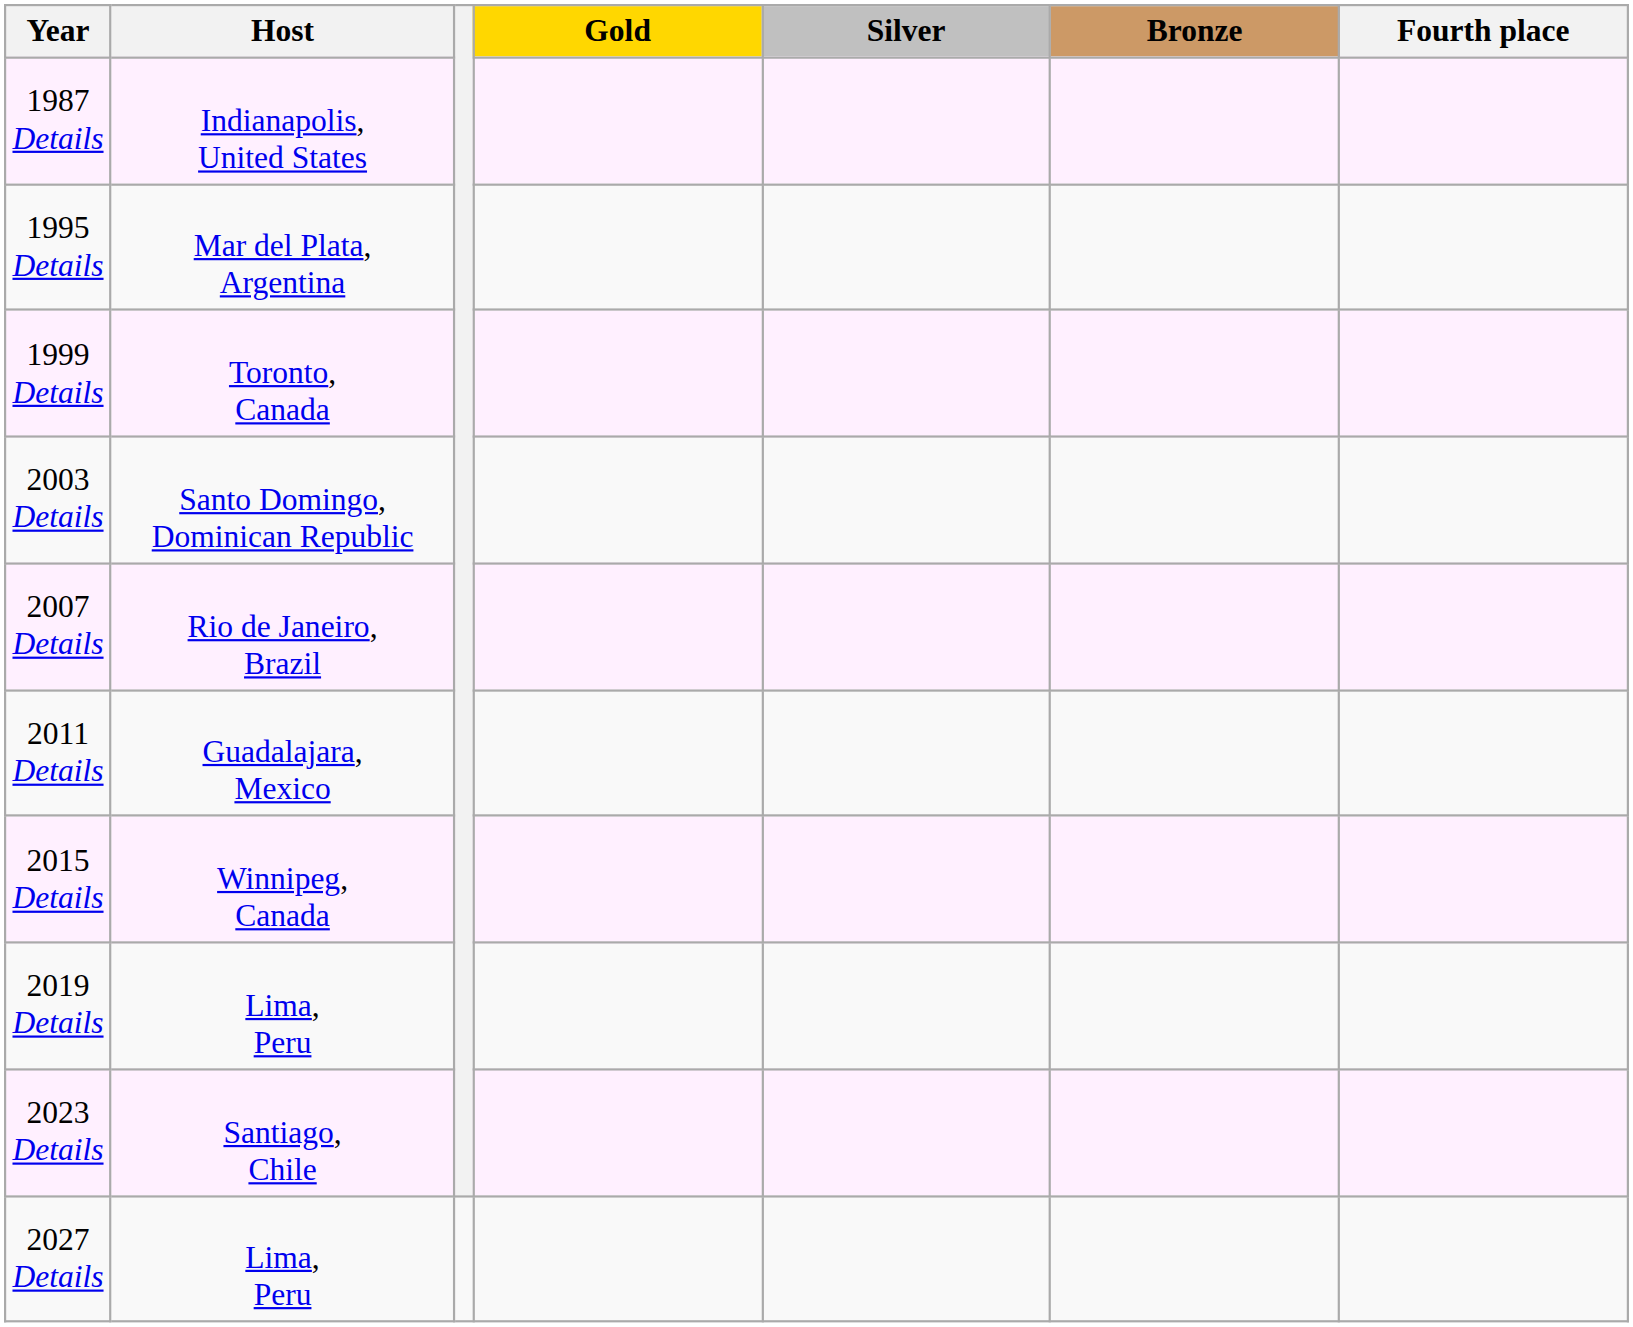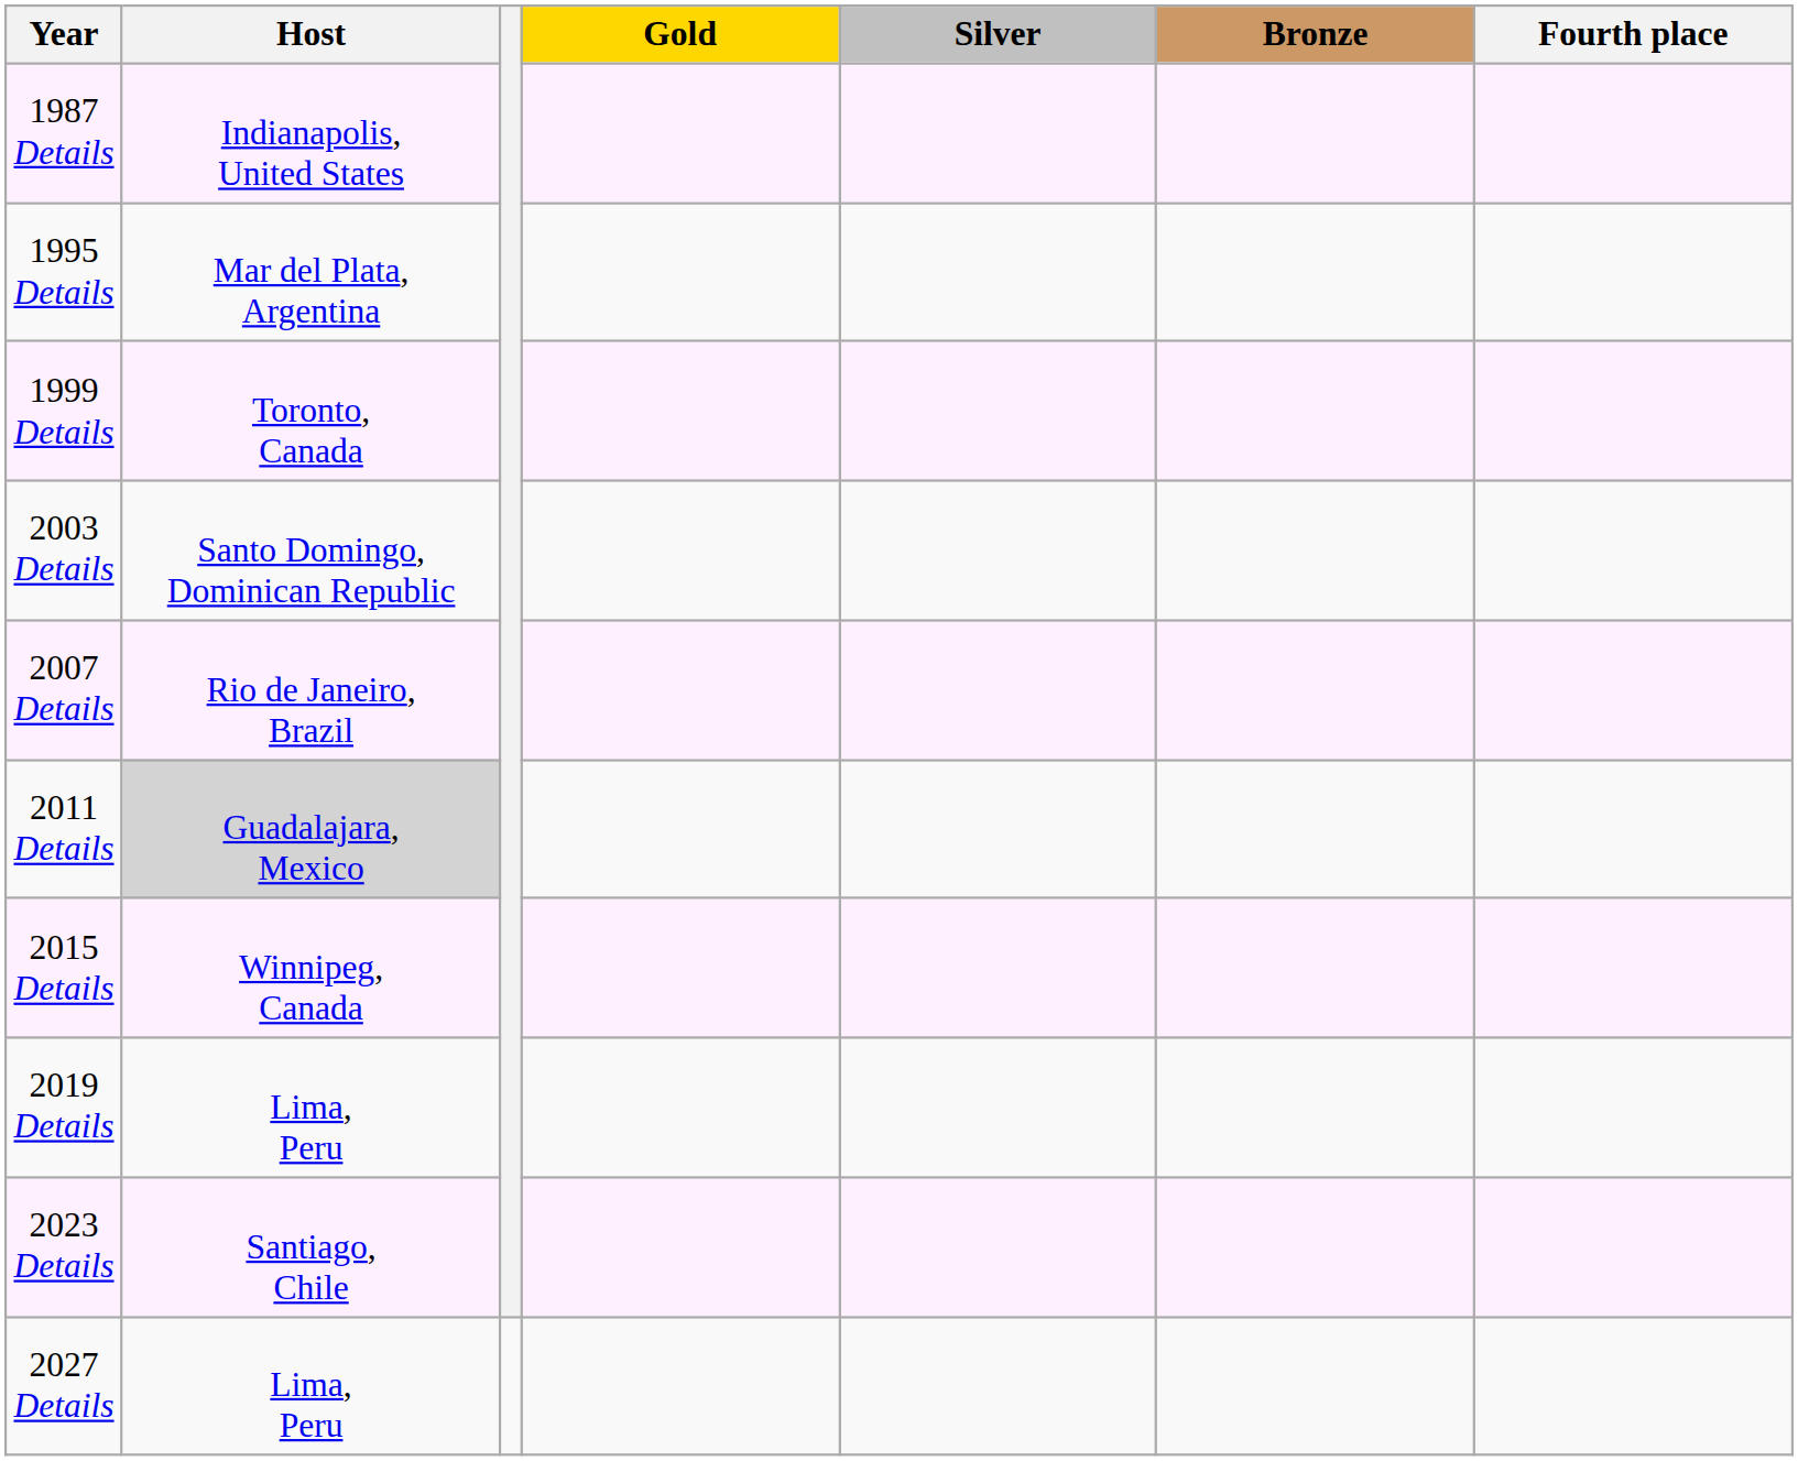 <table class="wikitable" style="font-size: 90%; text-align: center;">
 <tr>
 <th width="30">Year</th>
 <th width="150">Host</th>
 <th width="2" rowspan="10"></th>
 <th width="125" style="background: gold;">Gold</th>
 <th width="125" style="background: silver;">Silver</th>
 <th width="125" style="background: #cc9966;">Bronze</th>
 <th width="125" style="background:">Fourth place</th>
 </tr>
 <tr align=center bgcolor=#fff0ff>
 <td>1987<br><em><a href='#'>Details</a></em></td>
 <td><br><a href='#'>Indianapolis</a>,<br><a href='#'>United States</a></td>
 <td><strong></strong></td>
 <td></td>
 <td></td>
 <td></td>
 </tr>
 <tr>
 <td>1995<br><em><a href='#'>Details</a></em></td>
 <td><br><a href='#'>Mar del Plata</a>,<br><a href='#'>Argentina</a></td>
 <td><strong></strong></td>
 <td></td>
 <td></td>
 <td></td>
 </tr>
 <tr align=center bgcolor=#fff0ff>
 <td>1999<br><em><a href='#'>Details</a></em></td>
 <td><br><a href='#'>Toronto</a>,<br><a href='#'>Canada</a></td>
 <td><strong></strong></td>
 <td></td>
 <td></td>
 <td></td>
 </tr>
 <tr>
 <td>2003<br><em><a href='#'>Details</a></em></td>
 <td><br><a href='#'>Santo Domingo</a>,<br><a href='#'>Dominican Republic</a></td>
 <td><strong></strong></td>
 <td></td>
 <td></td>
 <td></td>
 </tr>
 <tr align=center bgcolor=#fff0ff>
 <td>2007<br><em><a href='#'>Details</a></em></td>
 <td><br><a href='#'>Rio de Janeiro</a>,<br><a href='#'>Brazil</a></td>
 <td><strong></strong></td>
 <td></td>
 <td></td>
 <td></td>
 </tr>
 <tr>
 <td>2011<br><em><a href='#'>Details</a></em></td>
-<td><br><a href='#'>Guadalajara</a>,<br><a href='#'>Mexico</a></td>
+<td style="background: lightgrey;"><br><a href='#'>Guadalajara</a>,<br><a href='#'>Mexico</a></td>
 <td><strong></strong></td>
 <td></td>
 <td></td>
 <td></td>
 </tr>
 <tr align=center bgcolor=#fff0ff>
 <td>2015<br><em><a href='#'>Details</a></em></td>
 <td><br><a href='#'>Winnipeg</a>,<br><a href='#'>Canada</a></td>
 <td><strong></strong></td>
 <td></td>
 <td></td>
 <td></td>
 </tr>
 <tr>
 <td>2019<br><em><a href='#'>Details</a></em></td>
 <td><br><a href='#'>Lima</a>,<br><a href='#'>Peru</a></td>
 <td><strong></strong></td>
 <td></td>
 <td></td>
 <td></td>
 </tr>
 <tr align=center bgcolor=#fff0ff>
 <td>2023<br><em><a href='#'>Details</a></em></td>
 <td><br><a href='#'>Santiago</a>,<br><a href='#'>Chile</a></td>
 <td><strong></strong></td>
 <td></td>
 <td></td>
 <td></td>
 </tr>
 <tr>
 <td>2027<br><em><a href='#'>Details</a></em></td>
 <td><br><a href='#'>Lima</a>,<br><a href='#'>Peru</a></td>
 <td></td>
 <td></td>
 <td></td>
 <td></td>
 </tr>
 </table>
